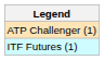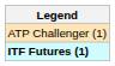 <table class=wikitable style=font-size:95%>
 <tr>
 <th>Legend</th>
 </tr>
 <tr bgcolor=moccasin>
 <td>ATP Challenger (1)</td>
 </tr>
 <tr bgcolor=cffcff>
-<td>ITF Futures (1)</td>
+<td><strong>ITF Futures (1)</strong></td>
 </tr>
 </table>
